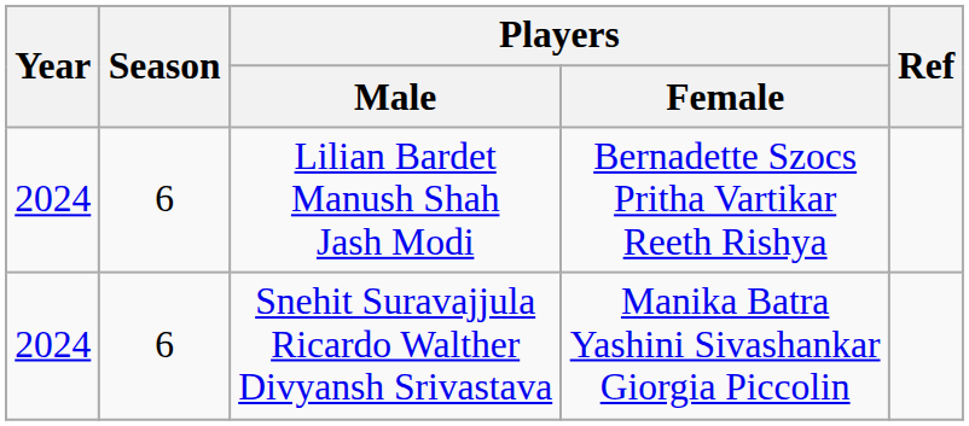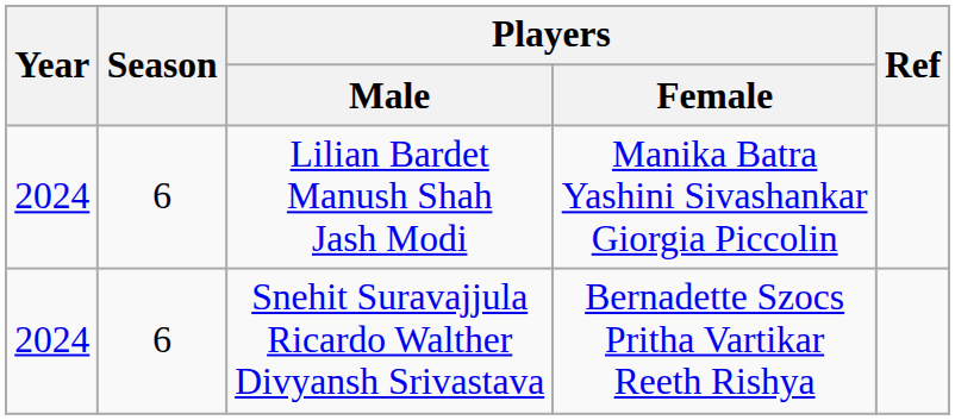 <table class="wikitable" style="text-align:center;">
 <tr>
 <th rowspan=2>Year</th>
 <th rowspan=2>Season</th>
 <th colspan=2>Players</th>
 <th rowspan=2>Ref</th>
 </tr>
 <tr>
 <th>Male</th>
 <th>Female</th>
 </tr>
 <tr>
 <td><a href='#'>2024</a></td>
 <td>6</td>
 <td> <a href='#'>Lilian Bardet</a><br> <a href='#'>Manush Shah</a><br> <a href='#'>Jash Modi</a></td>
-<td> <a href='#'>Bernadette Szocs</a><br> <a href='#'>Pritha Vartikar</a><br> <a href='#'>Reeth Rishya</a></td>
+<td> <a href='#'>Manika Batra</a><br> <a href='#'>Yashini Sivashankar</a><br>  <a href='#'>Giorgia Piccolin</a></td>
 <td></td>
 </tr>
 <tr>
 <td><a href='#'>2024</a></td>
 <td>6</td>
 <td> <a href='#'>Snehit Suravajjula</a><br> <a href='#'>Ricardo Walther</a><br> <a href='#'>Divyansh Srivastava</a></td>
-<td> <a href='#'>Manika Batra</a><br> <a href='#'>Yashini Sivashankar</a><br>  <a href='#'>Giorgia Piccolin</a></td>
+<td> <a href='#'>Bernadette Szocs</a><br> <a href='#'>Pritha Vartikar</a><br> <a href='#'>Reeth Rishya</a></td>
 <td></td>
 </tr>
 </table>
